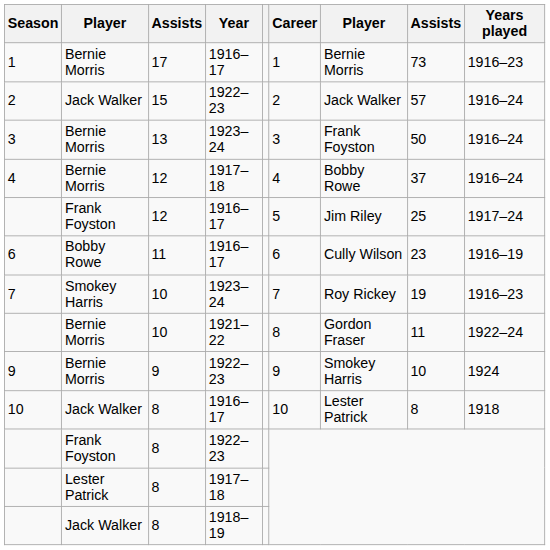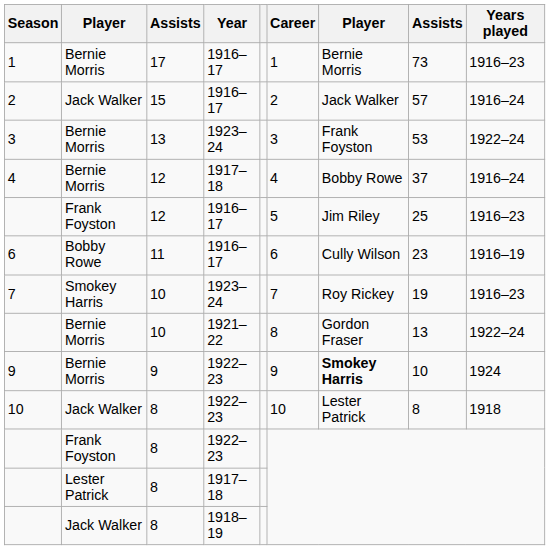 <table class="wikitable">
 <tr>
 <th>Season</th>
 <th>Player</th>
 <th>Assists</th>
 <th>Year</th>
 <th></th>
 <th>Career</th>
 <th>Player</th>
 <th>Assists</th>
 <th>Years played</th>
 </tr>
 <tr>
 <td>1</td>
 <td>Bernie Morris</td>
 <td>17</td>
 <td>1916–17</td>
 <td></td>
 <td>1</td>
 <td>Bernie Morris</td>
 <td>73</td>
 <td>1916–23</td>
 </tr>
 <tr>
 <td>2</td>
 <td>Jack Walker</td>
 <td>15</td>
-<td>1922–23</td>
+<td>1916–17</td>
 <td></td>
 <td>2</td>
 <td>Jack Walker</td>
 <td>57</td>
 <td>1916–24</td>
 </tr>
 <tr>
 <td>3</td>
 <td>Bernie Morris</td>
 <td>13</td>
 <td>1923–24</td>
 <td></td>
 <td>3</td>
 <td>Frank Foyston</td>
-<td>50</td>
-<td>1916–24</td>
+<td>53</td>
+<td>1922–24</td>
 </tr>
 <tr>
 <td>4</td>
 <td>Bernie Morris</td>
 <td>12</td>
 <td>1917–18</td>
 <td></td>
 <td>4</td>
 <td>Bobby Rowe</td>
 <td>37</td>
 <td>1916–24</td>
 </tr>
 <tr>
 <td></td>
 <td>Frank Foyston</td>
 <td>12</td>
 <td>1916–17</td>
 <td></td>
 <td>5</td>
 <td>Jim Riley</td>
 <td>25</td>
-<td>1917–24</td>
+<td>1916–23</td>
 </tr>
 <tr>
 <td>6</td>
 <td>Bobby Rowe</td>
 <td>11</td>
 <td>1916–17</td>
 <td></td>
 <td>6</td>
 <td>Cully Wilson</td>
 <td>23</td>
 <td>1916–19</td>
 </tr>
 <tr>
 <td>7</td>
 <td>Smokey Harris</td>
 <td>10</td>
 <td>1923–24</td>
 <td></td>
 <td>7</td>
 <td>Roy Rickey</td>
 <td>19</td>
 <td>1916–23</td>
 </tr>
 <tr>
 <td></td>
 <td>Bernie Morris</td>
 <td>10</td>
 <td>1921–22</td>
 <td></td>
 <td>8</td>
 <td>Gordon Fraser</td>
-<td>11</td>
+<td>13</td>
 <td>1922–24</td>
 </tr>
 <tr>
 <td>9</td>
 <td>Bernie Morris</td>
 <td>9</td>
 <td>1922–23</td>
 <td></td>
 <td>9</td>
-<td>Smokey Harris</td>
+<td><strong>Smokey Harris</strong></td>
 <td>10</td>
 <td>1924</td>
 </tr>
 <tr>
 <td>10</td>
 <td>Jack Walker</td>
 <td>8</td>
-<td>1916–17</td>
+<td>1922–23</td>
 <td></td>
 <td>10</td>
 <td>Lester Patrick</td>
 <td>8</td>
 <td>1918</td>
 </tr>
 <tr>
 <td></td>
 <td>Frank Foyston</td>
 <td>8</td>
 <td>1922–23</td>
 <td></td>
 </tr>
 <tr>
 <td></td>
 <td>Lester Patrick</td>
 <td>8</td>
 <td>1917–18</td>
 <td></td>
 </tr>
 <tr>
 <td></td>
 <td>Jack Walker</td>
 <td>8</td>
 <td>1918–19</td>
 <td></td>
 </tr>
 </table>
